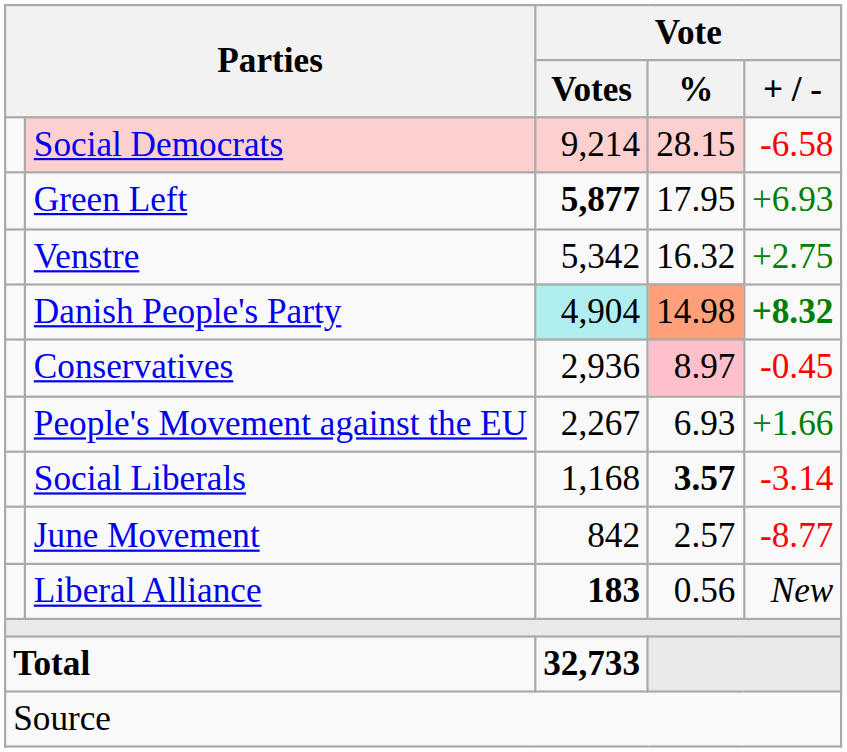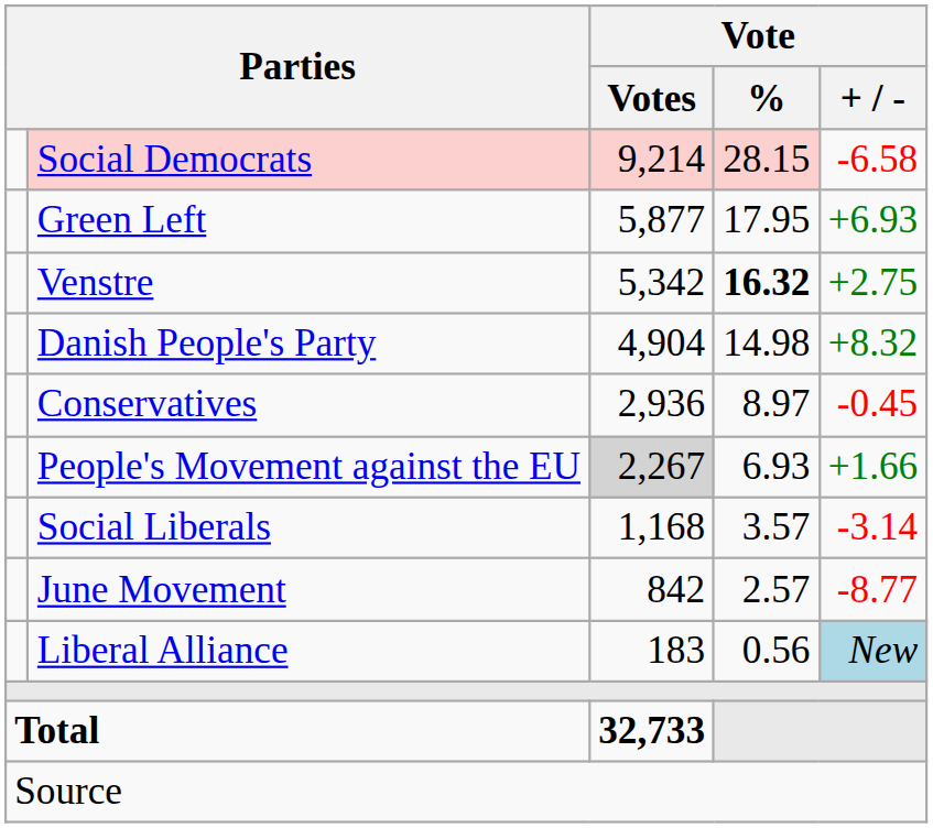 <table class="wikitable" style="text-align:right;">
 <tr>
 <th style="text-align:centre;" rowspan="2" colspan="2" width="225">Parties</th>
 <th colspan="3">Vote</th>
 </tr>
 <tr>
 <th width="15">Votes</th>
 <th width="15">%</th>
 <th width="15">+ / -</th>
 </tr>
 <tr>
 <td width="2" style="color:inherit;background:"></td>
 <td bgcolor=#fbd0ce   align="left"><a href='#'>Social Democrats</a></td>
 <td bgcolor=#fbd0ce>9,214</td>
 <td bgcolor=#fbd0ce>28.15</td>
 <td style=color:red;>-6.58</td>
 </tr>
 <tr>
 <td width="2" style="color:inherit;background:"></td>
 <td align="left"><a href='#'>Green Left</a></td>
-<td><strong>5,877</strong></td>
+<td>5,877</td>
 <td>17.95</td>
 <td style=color:green;>+6.93</td>
 </tr>
 <tr>
 <td width="2" style="color:inherit;background:"></td>
 <td align="left"><a href='#'>Venstre</a></td>
 <td>5,342</td>
-<td>16.32</td>
+<td><strong>16.32</strong></td>
 <td style=color:green;>+2.75</td>
 </tr>
 <tr>
 <td width="2" style="color:inherit;background:"></td>
 <td align="left"><a href='#'>Danish People's Party</a></td>
-<td style="background: paleturquoise;">4,904</td>
-<td style="background: lightsalmon;">14.98</td>
-<td style=color:green;><strong>+8.32</strong></td>
+<td>4,904</td>
+<td>14.98</td>
+<td style=color:green;>+8.32</td>
 </tr>
 <tr>
 <td width="2" style="color:inherit;background:"></td>
 <td align="left"><a href='#'>Conservatives</a></td>
 <td>2,936</td>
-<td style="background: pink;">8.97</td>
+<td>8.97</td>
 <td style=color:red;>-0.45</td>
 </tr>
 <tr>
 <td width="2" style="color:inherit;background:"></td>
 <td align="left"><a href='#'>People's Movement against the EU</a></td>
-<td>2,267</td>
+<td style="background: lightgrey;">2,267</td>
 <td>6.93</td>
 <td style=color:green;>+1.66</td>
 </tr>
 <tr>
 <td width="2" style="color:inherit;background:"></td>
 <td align="left"><a href='#'>Social Liberals</a></td>
 <td>1,168</td>
-<td><strong>3.57</strong></td>
+<td>3.57</td>
 <td style=color:red;>-3.14</td>
 </tr>
 <tr>
 <td width="2" style="color:inherit;background:"></td>
 <td align="left"><a href='#'>June Movement</a></td>
 <td>842</td>
 <td>2.57</td>
 <td style=color:red;>-8.77</td>
 </tr>
 <tr>
 <td width="2" style="color:inherit;background:"></td>
 <td align="left"><a href='#'>Liberal Alliance</a></td>
-<td><strong>183</strong></td>
+<td>183</td>
 <td>0.56</td>
-<td><em>New</em></td>
+<td style="background: lightblue;"><em>New</em></td>
 </tr>
 <tr>
 <td colspan="7" bgcolor="#E9E9E9"></td>
 </tr>
 <tr>
 <td align="left" colspan="2"><strong>Total</strong></td>
 <td><strong>32,733</strong></td>
 <td bgcolor="#E9E9E9" colspan="2"></td>
 </tr>
 <tr>
 <td align="left" colspan="6">Source</td>
 </tr>
 </table>
